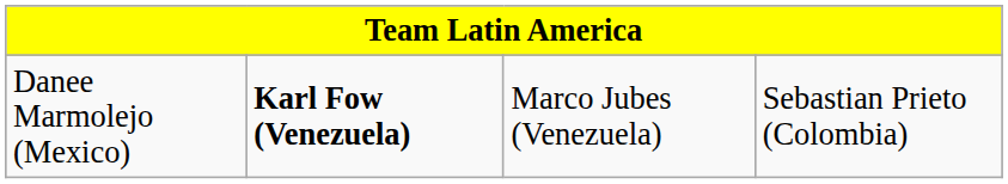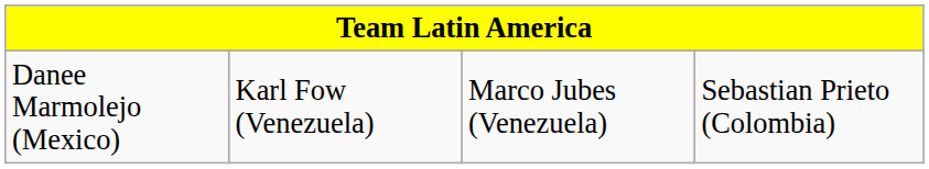 <table class="wikitable" style="width:40%; text-align=center;">
 <tr>
 <th colspan="4" style="background:yellow;">Team Latin America</th>
 </tr>
 <tr>
 <td style="width:10%;">Danee Marmolejo (Mexico)</td>
-<td style="width:10%;"><strong>Karl Fow (Venezuela)</strong></td>
+<td style="width:10%;">Karl Fow (Venezuela)</td>
 <td style="width:10%;">Marco Jubes (Venezuela)</td>
 <td style="width:10%;">Sebastian Prieto (Colombia)</td>
 </tr>
 </table>
